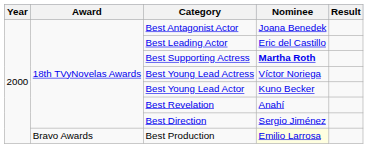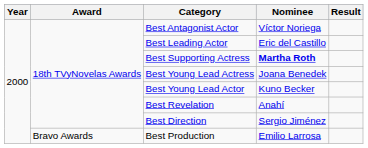 <table class="wikitable">
 <tr style="background:#b0c4de;">
 <th>Year</th>
 <th>Award</th>
 <th>Category</th>
 <th>Nominee</th>
 <th>Result</th>
 </tr>
 <tr>
 <td rowspan=8>2000</td>
 <td rowspan=7><a href='#'>18th TVyNovelas Awards</a></td>
 <td><a href='#'>Best Antagonist Actor</a></td>
-<td><a href='#'>Joana Benedek</a></td>
+<td><a href='#'>Víctor Noriega</a></td>
 <td></td>
 </tr>
 <tr>
 <td><a href='#'>Best Leading Actor</a></td>
 <td><a href='#'>Eric del Castillo</a></td>
 <td></td>
 </tr>
 <tr>
 <td><a href='#'>Best Supporting Actress</a></td>
 <td><strong><a href='#'>Martha Roth</a></strong></td>
 <td></td>
 </tr>
 <tr>
 <td><a href='#'>Best Young Lead Actress</a></td>
-<td><a href='#'>Víctor Noriega</a></td>
+<td><a href='#'>Joana Benedek</a></td>
 <td></td>
 </tr>
 <tr>
 <td><a href='#'>Best Young Lead Actor</a></td>
 <td><a href='#'>Kuno Becker</a></td>
 <td></td>
 </tr>
 <tr>
 <td><a href='#'>Best Revelation</a></td>
 <td><a href='#'>Anahí</a></td>
 <td></td>
 </tr>
 <tr>
 <td><a href='#'>Best Direction</a></td>
 <td><a href='#'>Sergio Jiménez</a></td>
 <td></td>
 </tr>
 <tr>
 <td>Bravo Awards</td>
 <td>Best Production</td>
-<td style="background: lightyellow;"><a href='#'>Emilio Larrosa</a></td>
+<td><a href='#'>Emilio Larrosa</a></td>
 <td></td>
 </tr>
 </table>
